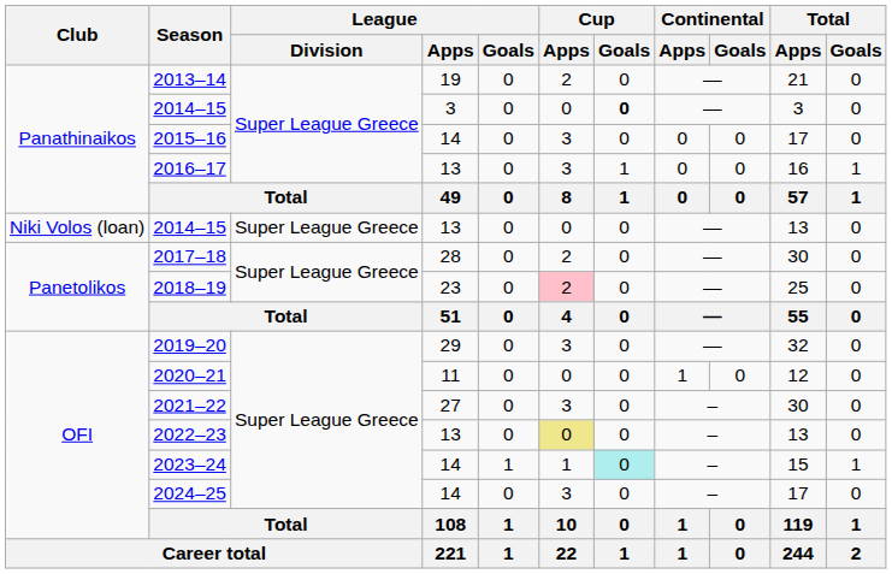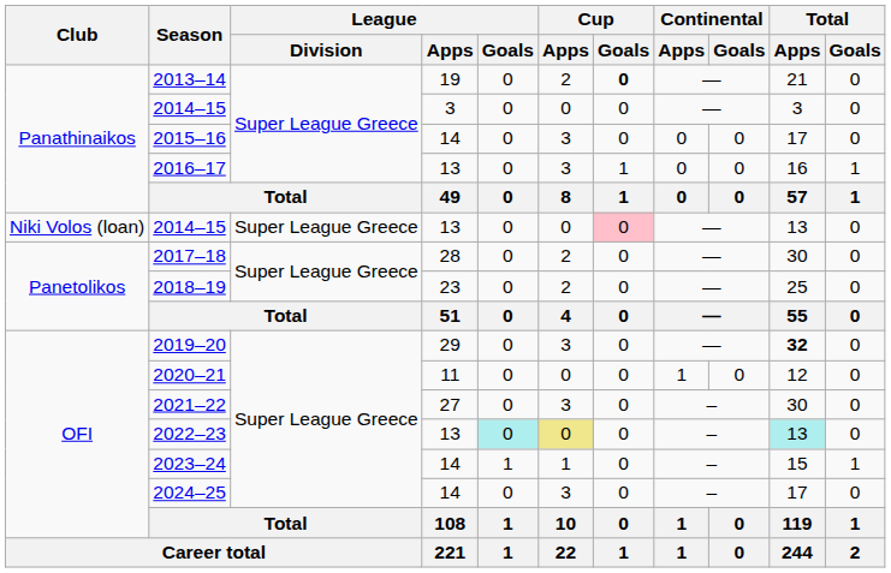 <table class="wikitable" style="text-align:center">
 <tr>
 <th rowspan=2>Club</th>
 <th rowspan=2>Season</th>
 <th colspan=3>League</th>
 <th colspan=2>Cup</th>
 <th colspan=2>Continental</th>
 <th colspan=2>Total</th>
 </tr>
 <tr>
 <th>Division</th>
 <th>Apps</th>
 <th>Goals</th>
 <th>Apps</th>
 <th>Goals</th>
 <th>Apps</th>
 <th>Goals</th>
 <th>Apps</th>
 <th>Goals</th>
 </tr>
 <tr>
 <td rowspan="5"><a href='#'>Panathinaikos</a></td>
 <td><a href='#'>2013–14</a></td>
 <td rowspan="4"><a href='#'>Super League Greece</a></td>
 <td>19</td>
 <td>0</td>
 <td>2</td>
-<td>0</td>
+<td><strong>0</strong></td>
 <td colspan="2">—</td>
 <td>21</td>
 <td>0</td>
 </tr>
 <tr>
 <td><a href='#'>2014–15</a></td>
 <td>3</td>
 <td>0</td>
 <td>0</td>
-<td><strong>0</strong></td>
+<td>0</td>
 <td colspan="2">—</td>
 <td>3</td>
 <td>0</td>
 </tr>
 <tr>
 <td><a href='#'>2015–16</a></td>
 <td>14</td>
 <td>0</td>
 <td>3</td>
 <td>0</td>
 <td>0</td>
 <td>0</td>
 <td>17</td>
 <td>0</td>
 </tr>
 <tr>
 <td><a href='#'>2016–17</a></td>
 <td>13</td>
 <td>0</td>
 <td>3</td>
 <td>1</td>
 <td>0</td>
 <td>0</td>
 <td>16</td>
 <td>1</td>
 </tr>
 <tr>
 <th colspan="2">Total</th>
 <th>49</th>
 <th>0</th>
 <th>8</th>
 <th>1</th>
 <th>0</th>
 <th>0</th>
 <th>57</th>
 <th>1</th>
 </tr>
 <tr>
 <td><a href='#'>Niki Volos</a> (loan)</td>
 <td><a href='#'>2014–15</a></td>
 <td>Super League Greece</td>
 <td>13</td>
 <td>0</td>
 <td>0</td>
-<td>0</td>
+<td style="background: pink;">0</td>
 <td colspan="2">—</td>
 <td>13</td>
 <td>0</td>
 </tr>
 <tr>
 <td rowspan=3><a href='#'>Panetolikos</a></td>
 <td><a href='#'>2017–18</a></td>
 <td rowspan="2">Super League Greece</td>
 <td>28</td>
 <td>0</td>
 <td>2</td>
 <td>0</td>
 <td colspan="2">—</td>
 <td>30</td>
 <td>0</td>
 </tr>
 <tr>
 <td><a href='#'>2018–19</a></td>
 <td>23</td>
 <td>0</td>
-<td style="background: pink;">2</td>
+<td>2</td>
 <td>0</td>
 <td colspan="2">—</td>
 <td>25</td>
 <td>0</td>
 </tr>
 <tr>
 <th colspan="2">Total</th>
 <th>51</th>
 <th>0</th>
 <th>4</th>
 <th>0</th>
 <th colspan="2">—</th>
 <th>55</th>
 <th>0</th>
 </tr>
 <tr>
 <td rowspan="7"><a href='#'>OFI</a></td>
 <td><a href='#'>2019–20</a></td>
 <td rowspan="6">Super League Greece</td>
 <td>29</td>
 <td>0</td>
 <td>3</td>
 <td>0</td>
 <td colspan="2">—</td>
-<td>32</td>
+<td><strong>32</strong></td>
 <td>0</td>
 </tr>
 <tr>
 <td><a href='#'>2020–21</a></td>
 <td>11</td>
 <td>0</td>
 <td>0</td>
 <td>0</td>
 <td>1</td>
 <td>0</td>
 <td>12</td>
 <td>0</td>
 </tr>
 <tr>
 <td><a href='#'>2021–22</a></td>
 <td>27</td>
 <td>0</td>
 <td>3</td>
 <td>0</td>
 <td colspan="2">–</td>
 <td>30</td>
 <td>0</td>
 </tr>
 <tr>
 <td><a href='#'>2022–23</a></td>
 <td>13</td>
-<td>0</td>
+<td style="background: paleturquoise;">0</td>
 <td style="background: khaki;">0</td>
 <td>0</td>
 <td colspan="2">–</td>
-<td>13</td>
+<td style="background: paleturquoise;">13</td>
 <td>0</td>
 </tr>
 <tr>
 <td><a href='#'>2023–24</a></td>
 <td>14</td>
 <td>1</td>
 <td>1</td>
-<td style="background: paleturquoise;">0</td>
+<td>0</td>
 <td colspan="2">–</td>
 <td>15</td>
 <td>1</td>
 </tr>
 <tr>
 <td><a href='#'>2024–25</a></td>
 <td>14</td>
 <td>0</td>
 <td>3</td>
 <td>0</td>
 <td colspan="2">–</td>
 <td>17</td>
 <td>0</td>
 </tr>
 <tr>
 <th colspan="2">Total</th>
 <th>108</th>
 <th>1</th>
 <th>10</th>
 <th>0</th>
 <th>1</th>
 <th>0</th>
 <th>119</th>
 <th>1</th>
 </tr>
 <tr>
 <th colspan="3">Career total</th>
 <th>221</th>
 <th>1</th>
 <th>22</th>
 <th>1</th>
 <th>1</th>
 <th>0</th>
 <th>244</th>
 <th>2</th>
 </tr>
 </table>
